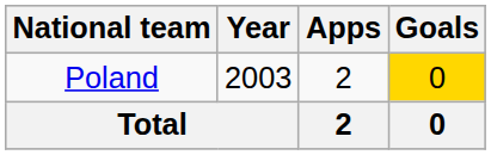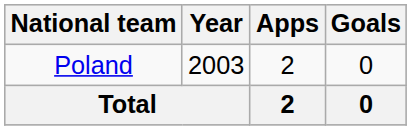 <table class="wikitable" style="text-align:center">
 <tr>
 <th>National team</th>
 <th>Year</th>
 <th>Apps</th>
 <th>Goals</th>
 </tr>
 <tr>
 <td rowspan="1"><a href='#'>Poland</a></td>
 <td>2003</td>
 <td>2</td>
-<td style="background: gold;">0</td>
+<td>0</td>
 </tr>
 <tr>
 <th colspan="2">Total</th>
 <th>2</th>
 <th>0</th>
 </tr>
 </table>
